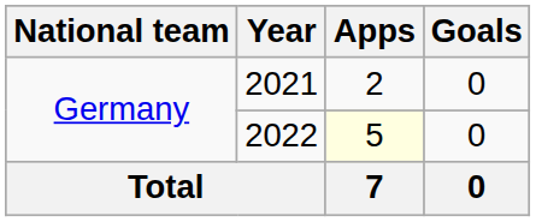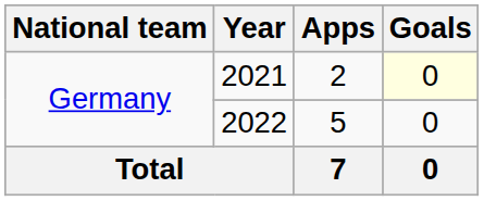 <table class="wikitable" style="text-align: center;">
 <tr>
 <th>National team</th>
 <th>Year</th>
 <th>Apps</th>
 <th>Goals</th>
 </tr>
 <tr>
 <td rowspan=2><a href='#'>Germany</a></td>
 <td>2021</td>
 <td>2</td>
-<td>0</td>
+<td style="background: lightyellow;">0</td>
 </tr>
 <tr>
 <td>2022</td>
-<td style="background: lightyellow;">5</td>
+<td>5</td>
 <td>0</td>
 </tr>
 <tr>
 <th colspan=2>Total</th>
 <th>7</th>
 <th>0</th>
 </tr>
 </table>
